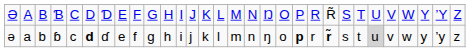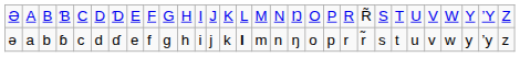 <table class="wikitable">
 <tr>
 <td><a href='#'>Ə</a></td>
 <td><a href='#'>A</a></td>
 <td><a href='#'>B</a></td>
 <td><a href='#'>Ɓ</a></td>
 <td><a href='#'>C</a></td>
 <td><a href='#'>D</a></td>
 <td><a href='#'>Ɗ</a></td>
 <td><a href='#'>E</a></td>
 <td><a href='#'>F</a></td>
 <td><a href='#'>G</a></td>
 <td><a href='#'>H</a></td>
 <td><a href='#'>I</a></td>
 <td><a href='#'>J</a></td>
 <td><a href='#'>K</a></td>
 <td><a href='#'>L</a></td>
 <td><a href='#'>M</a></td>
 <td><a href='#'>N</a></td>
 <td><a href='#'>Ŋ</a></td>
 <td><a href='#'>O</a></td>
 <td><a href='#'>P</a></td>
 <td><a href='#'>R</a></td>
 <td>R̃</td>
 <td><a href='#'>S</a></td>
 <td><a href='#'>T</a></td>
 <td><a href='#'>U</a></td>
 <td><a href='#'>V</a></td>
 <td><a href='#'>W</a></td>
 <td><a href='#'>Y</a></td>
 <td><a href='#'>ʼY</a></td>
 <td><a href='#'>Z</a></td>
 </tr>
 <tr>
 <td>ə</td>
 <td>a</td>
 <td>b</td>
 <td>ɓ</td>
 <td>c</td>
-<td><strong>d</strong></td>
+<td>d</td>
 <td>ɗ</td>
 <td>e</td>
 <td>f</td>
 <td>g</td>
 <td>h</td>
 <td>i</td>
 <td>j</td>
 <td>k</td>
-<td>l</td>
+<td><strong>l</strong></td>
 <td>m</td>
 <td>n</td>
 <td>ŋ</td>
 <td>o</td>
-<td><strong>p</strong></td>
+<td>p</td>
 <td>r</td>
-<td><strong>r̃</strong></td>
+<td>r̃</td>
 <td>s</td>
 <td>t</td>
-<td style="background: lightgrey;">u</td>
+<td>u</td>
 <td>v</td>
 <td>w</td>
 <td>y</td>
 <td>ʼy</td>
 <td>z</td>
 </tr>
 </table>
